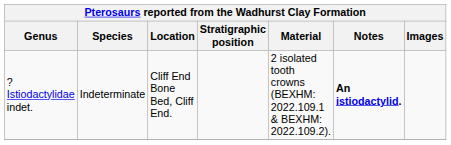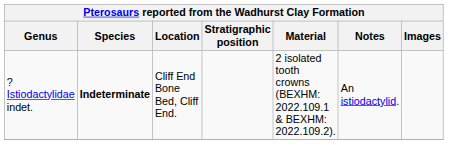 <table class="wikitable" align="center">
 <tr>
 <th colspan="7" align="center"><strong><a href='#'>Pterosaurs</a> reported from the Wadhurst Clay Formation</strong></th>
 </tr>
 <tr>
 <th>Genus</th>
 <th>Species</th>
 <th>Location</th>
 <th><strong>Stratigraphic position</strong></th>
 <th><strong>Material</strong></th>
 <th>Notes</th>
 <th>Images</th>
 </tr>
 <tr>
 <td>? <a href='#'>Istiodactylidae</a> indet.</td>
-<td>Indeterminate</td>
+<td><strong>Indeterminate</strong></td>
 <td>Cliff End Bone Bed, Cliff End.</td>
 <td></td>
 <td>2 isolated tooth crowns (BEXHM: 2022.109.1  & BEXHM: 2022.109.2).</td>
-<td><strong>An <a href='#'>istiodactylid</a>.</strong></td>
+<td>An <a href='#'>istiodactylid</a>.</td>
 <td></td>
 </tr>
 <tr>
 </tr>
 </table>
